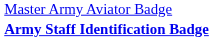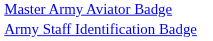 <table>
 <tr>
 <td>  <a href='#'>Master Army Aviator Badge</a></td>
 </tr>
 <tr>
-<td><strong>  <a href='#'>Army Staff Identification Badge</a></strong></td>
+<td>  <a href='#'>Army Staff Identification Badge</a></td>
 </tr>
 </table>
